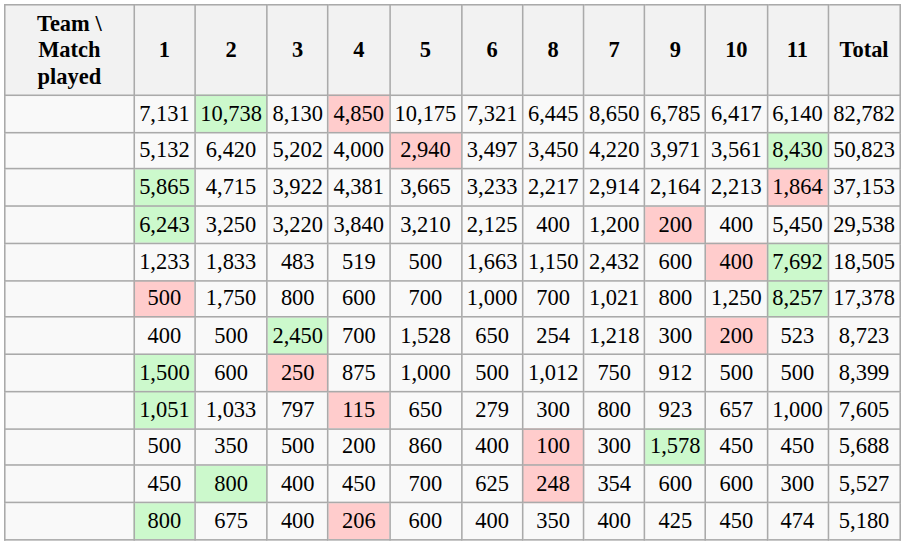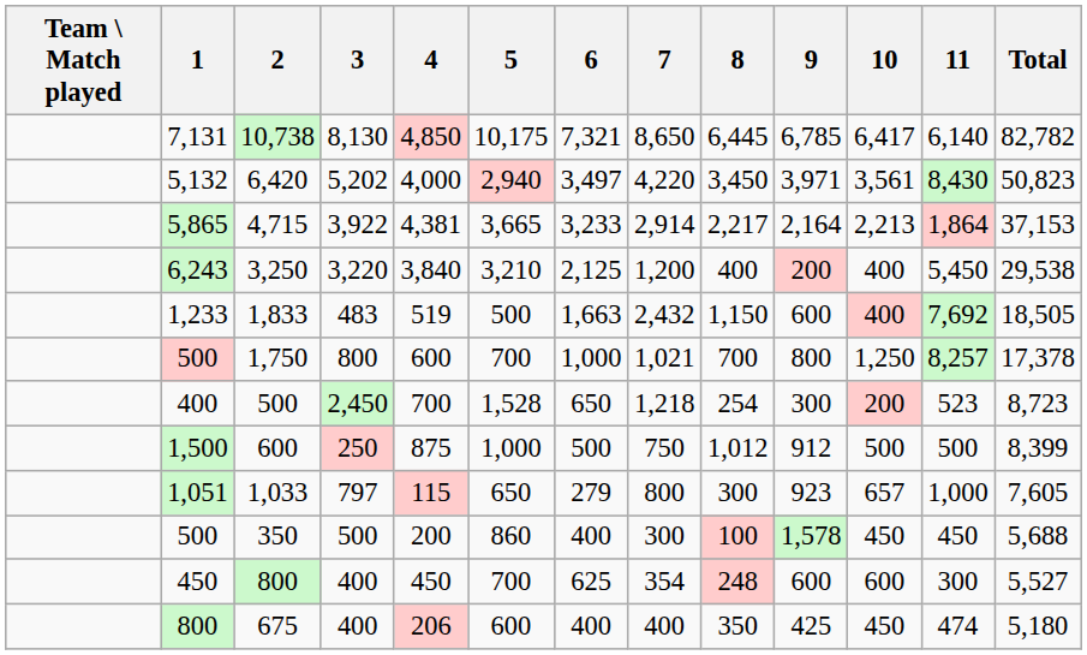 <table class="wikitable sortable" style="font-size: 90%; text-align:center;">
 <tr>
 <th style="width:76px;">Team \ Match played</th>
 <th align=center>1</th>
 <th align=center>2</th>
 <th align=center>3</th>
 <th align=center>4</th>
 <th align=center>5</th>
 <th align=center>6</th>
+<th align=center>7</th>
 <th align=center>8</th>
-<th align=center>7</th>
 <th align=center>9</th>
 <th align=center>10</th>
 <th align=center>11</th>
 <th>Total</th>
 </tr>
 <tr align=center>
 <td align=left></td>
 <td>7,131</td>
 <td style="background:#CCF9CC">10,738</td>
 <td>8,130</td>
 <td style="background:#FFCCCC">4,850</td>
 <td>10,175</td>
 <td>7,321</td>
+<td>8,650</td>
 <td>6,445</td>
-<td>8,650</td>
 <td>6,785</td>
 <td>6,417</td>
 <td>6,140</td>
 <td>82,782</td>
 </tr>
 <tr align=center>
 <td align=left></td>
 <td>5,132</td>
 <td>6,420</td>
 <td>5,202</td>
 <td>4,000</td>
 <td style="background:#FFCCCC">2,940</td>
 <td>3,497</td>
+<td>4,220</td>
 <td>3,450</td>
-<td>4,220</td>
 <td>3,971</td>
 <td>3,561</td>
 <td style="background:#CCF9CC">8,430</td>
 <td>50,823</td>
 </tr>
 <tr align=center>
 <td align=left></td>
 <td style="background:#CCF9CC">5,865</td>
 <td>4,715</td>
 <td>3,922</td>
 <td>4,381</td>
 <td>3,665</td>
 <td>3,233</td>
+<td>2,914</td>
 <td>2,217</td>
-<td>2,914</td>
 <td>2,164</td>
 <td>2,213</td>
 <td style="background:#FFCCCC">1,864</td>
 <td>37,153</td>
 </tr>
 <tr align=center>
 <td align=left></td>
 <td style="background:#CCF9CC">6,243</td>
 <td>3,250</td>
 <td>3,220</td>
 <td>3,840</td>
 <td>3,210</td>
 <td>2,125</td>
+<td>1,200</td>
 <td>400</td>
-<td>1,200</td>
 <td style="background:#FFCCCC">200</td>
 <td>400</td>
 <td>5,450</td>
 <td>29,538</td>
 </tr>
 <tr align=center>
 <td align=left></td>
 <td>1,233</td>
 <td>1,833</td>
 <td>483</td>
 <td>519</td>
 <td>500</td>
 <td>1,663</td>
+<td>2,432</td>
 <td>1,150</td>
-<td>2,432</td>
 <td>600</td>
 <td style="background:#FFCCCC">400</td>
 <td style="background:#CCF9CC">7,692</td>
 <td>18,505</td>
 </tr>
 <tr align=center>
 <td align=left></td>
 <td style="background:#FFCCCC">500</td>
 <td>1,750</td>
 <td>800</td>
 <td>600</td>
 <td>700</td>
 <td>1,000</td>
+<td>1,021</td>
 <td>700</td>
-<td>1,021</td>
 <td>800</td>
 <td>1,250</td>
 <td style="background:#CCF9CC">8,257</td>
 <td>17,378</td>
 </tr>
 <tr align=center>
 <td align=left></td>
 <td>400</td>
 <td>500</td>
 <td style="background:#CCF9CC">2,450</td>
 <td>700</td>
 <td>1,528</td>
 <td>650</td>
+<td>1,218</td>
 <td>254</td>
-<td>1,218</td>
 <td>300</td>
 <td style="background:#FFCCCC">200</td>
 <td>523</td>
 <td>8,723</td>
 </tr>
 <tr align=center>
 <td align=left></td>
 <td style="background:#CCF9CC">1,500</td>
 <td>600</td>
 <td style="background:#FFCCCC">250</td>
 <td>875</td>
 <td>1,000</td>
 <td>500</td>
+<td>750</td>
 <td>1,012</td>
-<td>750</td>
 <td>912</td>
 <td>500</td>
 <td>500</td>
 <td>8,399</td>
 </tr>
 <tr align=center>
 <td align=left></td>
 <td style="background:#CCF9CC">1,051</td>
 <td>1,033</td>
 <td>797</td>
 <td style="background:#FFCCCC">115</td>
 <td>650</td>
 <td>279</td>
+<td>800</td>
 <td>300</td>
-<td>800</td>
 <td>923</td>
 <td>657</td>
 <td>1,000</td>
 <td>7,605</td>
 </tr>
 <tr align=center>
 <td align=left></td>
 <td>500</td>
 <td>350</td>
 <td>500</td>
 <td>200</td>
 <td>860</td>
 <td>400</td>
+<td>300</td>
 <td style="background:#FFCCCC">100</td>
-<td>300</td>
 <td style="background:#CCF9CC">1,578</td>
 <td>450</td>
 <td>450</td>
 <td>5,688</td>
 </tr>
 <tr align=center>
 <td align=left></td>
 <td>450</td>
 <td style="background:#CCF9CC">800</td>
 <td>400</td>
 <td>450</td>
 <td>700</td>
 <td>625</td>
+<td>354</td>
 <td style="background:#FFCCCC">248</td>
-<td>354</td>
 <td>600</td>
 <td>600</td>
 <td>300</td>
 <td>5,527</td>
 </tr>
 <tr align=center>
 <td align=left></td>
 <td style="background:#CCF9CC">800</td>
 <td>675</td>
 <td>400</td>
 <td style="background:#FFCCCC">206</td>
 <td>600</td>
 <td>400</td>
+<td>400</td>
 <td>350</td>
-<td>400</td>
 <td>425</td>
 <td>450</td>
 <td>474</td>
 <td>5,180</td>
 </tr>
 </table>
